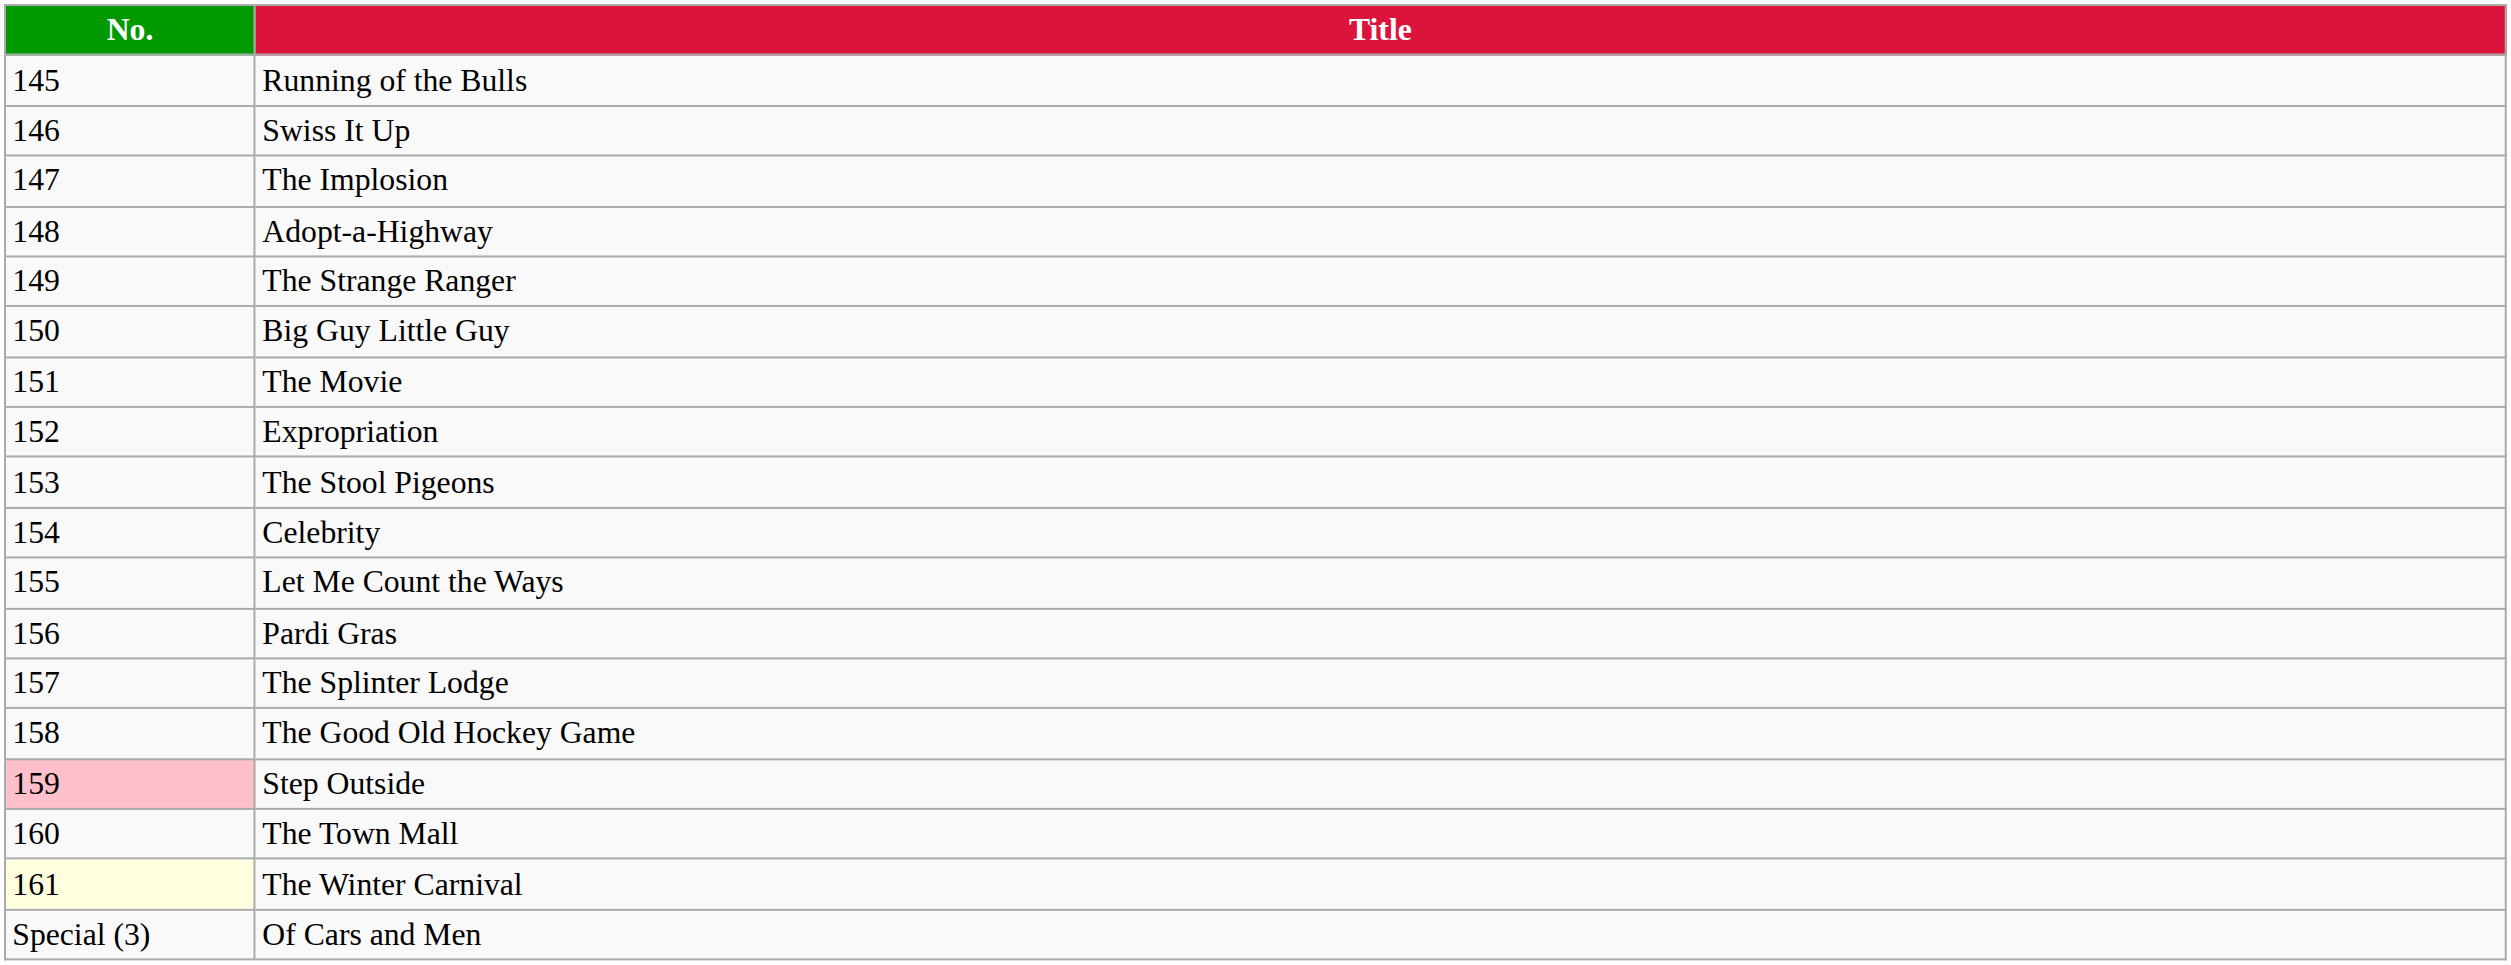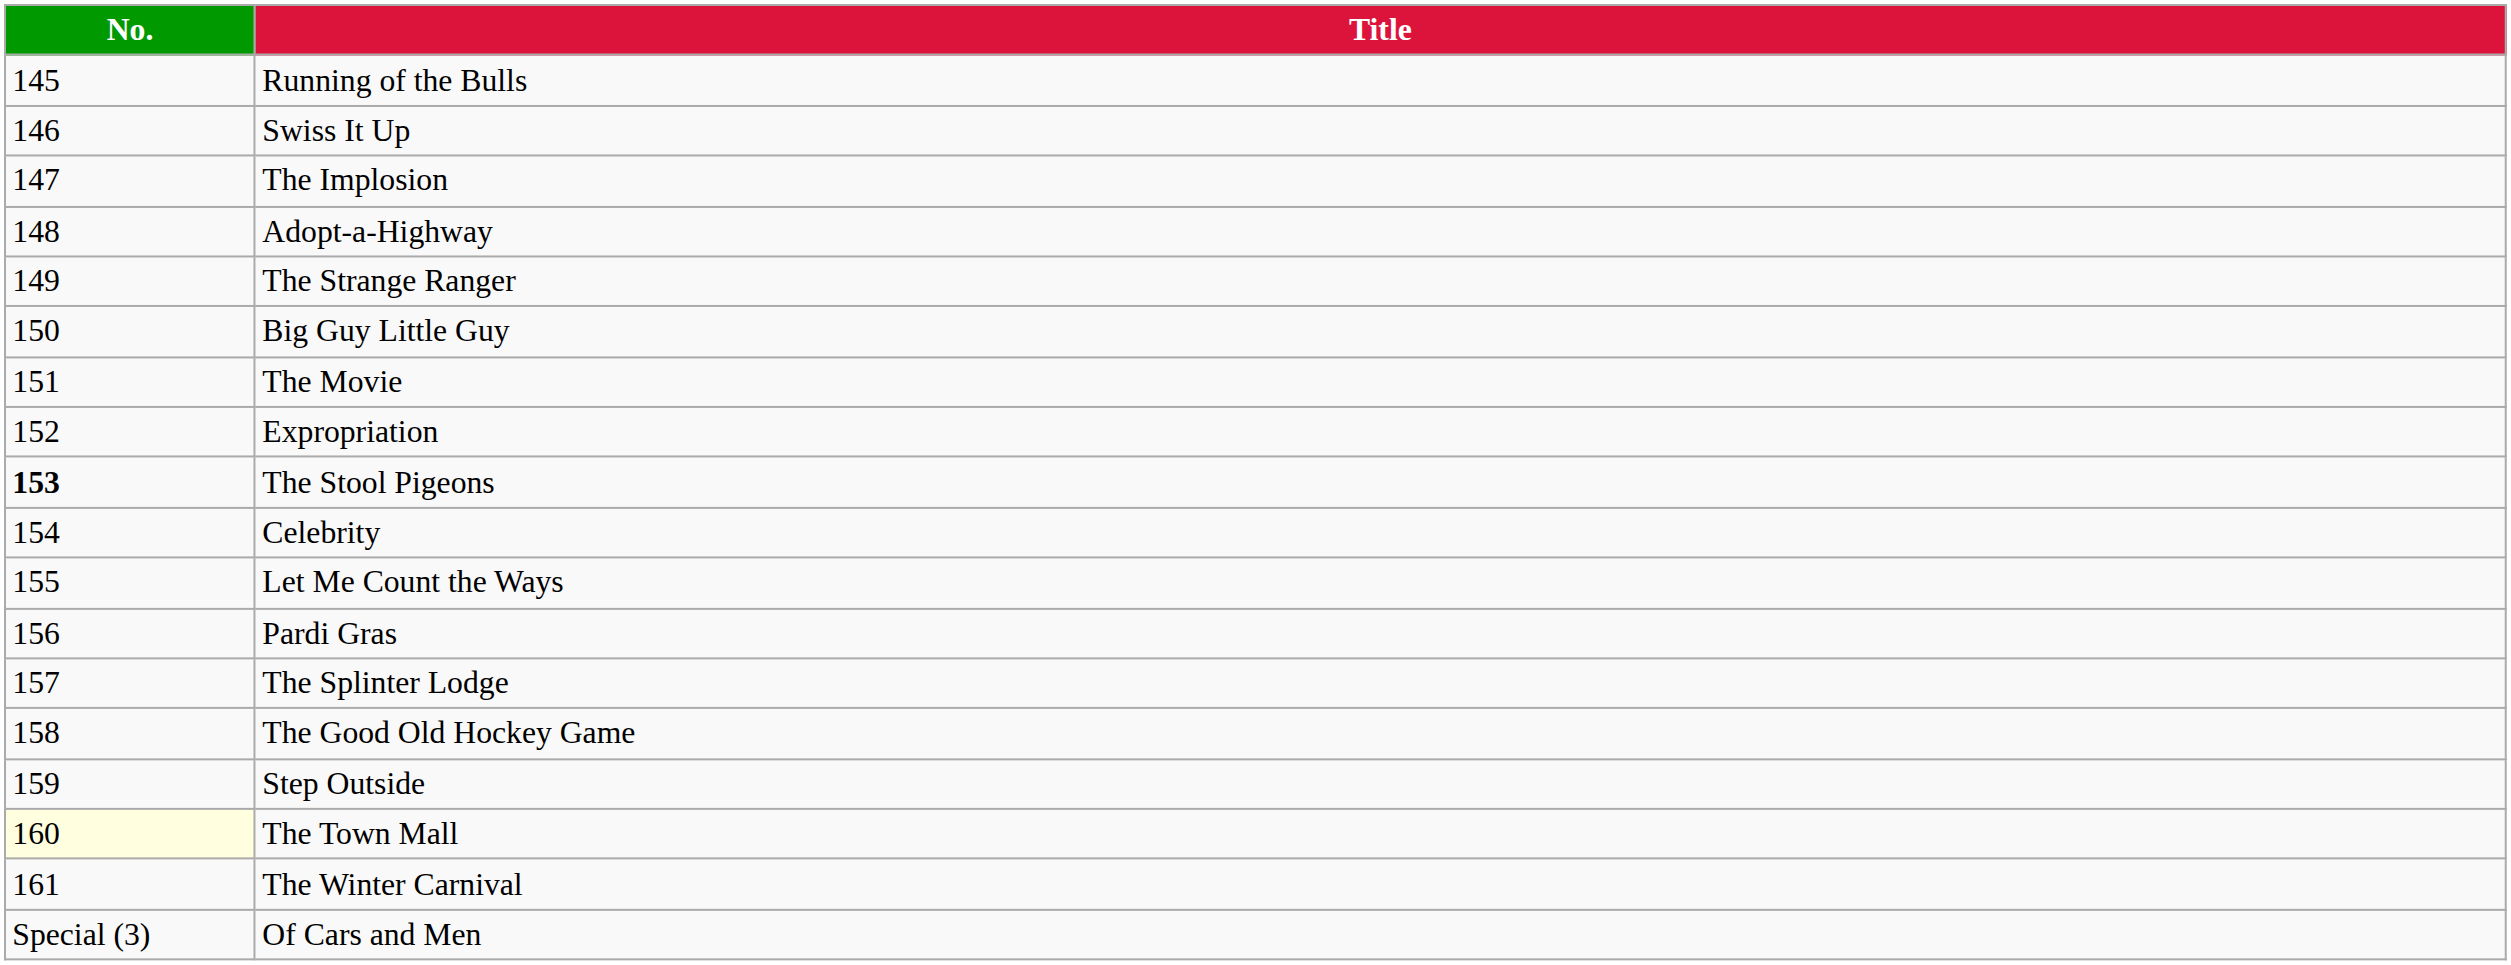 <table class="wikitable plainrowheaders" style="width:100%; margin:auto;">
 <tr>
 <th style="background:#009900; color:#FFFFFF; width:10%">No.</th>
 <th style="background:crimson; color:#FFFFFF">Title</th>
 </tr>
 <tr>
 <td>145</td>
 <td>Running of the Bulls</td>
 </tr>
 <tr>
 <td>146</td>
 <td>Swiss It Up</td>
 </tr>
 <tr>
 <td>147</td>
 <td>The Implosion</td>
 </tr>
 <tr>
 <td>148</td>
 <td>Adopt-a-Highway</td>
 </tr>
 <tr>
 <td>149</td>
 <td>The Strange Ranger</td>
 </tr>
 <tr>
 <td>150</td>
 <td>Big Guy Little Guy</td>
 </tr>
 <tr>
 <td>151</td>
 <td>The Movie</td>
 </tr>
 <tr>
 <td>152</td>
 <td>Expropriation</td>
 </tr>
 <tr>
-<td>153</td>
+<td><strong>153</strong></td>
 <td>The Stool Pigeons</td>
 </tr>
 <tr>
 <td>154</td>
 <td>Celebrity</td>
 </tr>
 <tr>
 <td>155</td>
 <td>Let Me Count the Ways</td>
 </tr>
 <tr>
 <td>156</td>
 <td>Pardi Gras</td>
 </tr>
 <tr>
 <td>157</td>
 <td>The Splinter Lodge</td>
 </tr>
 <tr>
 <td>158</td>
 <td>The Good Old Hockey Game</td>
 </tr>
 <tr>
-<td style="background: pink;">159</td>
+<td>159</td>
 <td>Step Outside</td>
 </tr>
 <tr>
-<td>160</td>
+<td style="background: lightyellow;">160</td>
 <td>The Town Mall</td>
 </tr>
 <tr>
-<td style="background: lightyellow;">161</td>
+<td>161</td>
 <td>The Winter Carnival</td>
 </tr>
 <tr>
 <td>Special (3)</td>
 <td>Of Cars and Men</td>
 </tr>
 </table>
